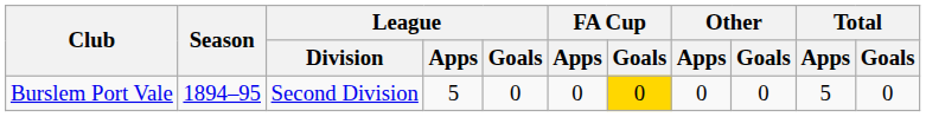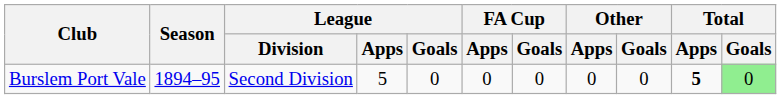 <table class="wikitable" style="text-align: center;">
 <tr>
 <th rowspan="2">Club</th>
 <th rowspan="2">Season</th>
 <th colspan="3">League</th>
 <th colspan="2">FA Cup</th>
 <th colspan="2">Other</th>
 <th colspan="2">Total</th>
 </tr>
 <tr>
 <th>Division</th>
 <th>Apps</th>
 <th>Goals</th>
 <th>Apps</th>
 <th>Goals</th>
 <th>Apps</th>
 <th>Goals</th>
 <th>Apps</th>
 <th>Goals</th>
 </tr>
 <tr>
 <td><a href='#'>Burslem Port Vale</a></td>
 <td><a href='#'>1894–95</a></td>
 <td><a href='#'>Second Division</a></td>
 <td>5</td>
 <td>0</td>
 <td>0</td>
-<td style="background: gold;">0</td>
 <td>0</td>
 <td>0</td>
-<td>5</td>
 <td>0</td>
+<td><strong>5</strong></td>
+<td style="background: lightgreen;">0</td>
 </tr>
 </table>
